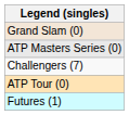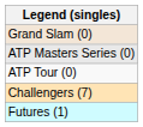 <table class="wikitable" style="margin-bottom:0px;">
 <tr>
 <th>Legend (singles)</th>
 </tr>
 <tr bgcolor="#f3e6d7">
 <td>Grand Slam (0)</td>
 </tr>
 <tr bgcolor="#e9e9e9">
 <td>ATP Masters Series (0)</td>
 </tr>
 <tr>
-<td>Challengers (7)</td>
+<td>ATP Tour (0)</td>
 </tr>
 <tr bgcolor="moccasin">
-<td>ATP Tour (0)</td>
+<td>Challengers (7)</td>
 </tr>
 <tr bgcolor="CFFCFF">
 <td>Futures (1)</td>
 </tr>
 </table>
